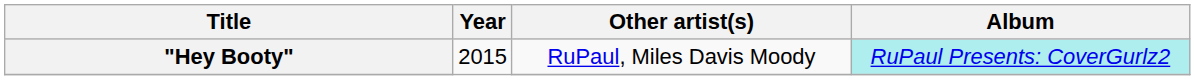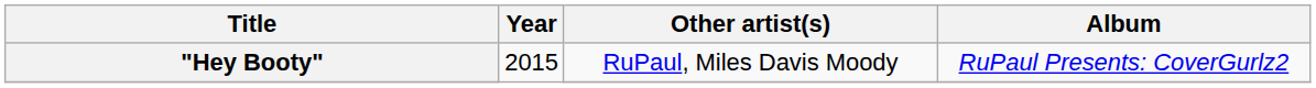 <table class="wikitable plainrowheaders" style="text-align:center;">
 <tr>
 <th scope="col" style="width:20em;">Title</th>
 <th scope="col">Year</th>
 <th scope="col" style="width:15em;">Other artist(s)</th>
 <th scope="col" style="width:15em;">Album</th>
 </tr>
 <tr>
 <th scope="row">"Hey Booty"</th>
 <td rowspan="2">2015</td>
 <td><a href='#'>RuPaul</a>, Miles Davis Moody</td>
-<td style="background: paleturquoise;"><em><a href='#'>RuPaul Presents: CoverGurlz2</a></em></td>
+<td><em><a href='#'>RuPaul Presents: CoverGurlz2</a></em></td>
 </tr>
 <tr>
 </tr>
 </table>
